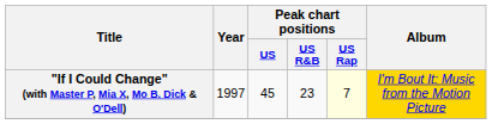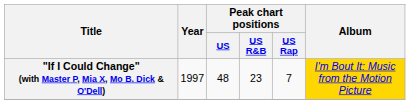 <table class="wikitable plainrowheaders" style="text-align:center;">
 <tr>
 <th scope="col" rowspan="2" style="width:16em;">Title</th>
 <th scope="col" rowspan="2">Year</th>
 <th scope="col" colspan="3">Peak chart positions</th>
 <th scope="col" rowspan="2">Album</th>
 </tr>
 <tr>
 <th style="width:3em; font-size:90%"><a href='#'>US</a></th>
 <th style="width:3em; font-size:90%"><a href='#'>US<br>R&B</a></th>
 <th style="width:3em; font-size:90%"><a href='#'>US<br>Rap</a></th>
 </tr>
 <tr>
 <th scope="row">"If I Could Change"<br><small>(with <a href='#'>Master P</a>, <a href='#'>Mia X</a>, <a href='#'>Mo B. Dick</a> & <a href='#'>O'Dell</a>)</small></th>
 <td>1997</td>
-<td>45</td>
+<td>48</td>
 <td>23</td>
-<td style="background: lightyellow;">7</td>
+<td>7</td>
 <td style="background: gold;"><em><a href='#'>I'm Bout It: Music from the Motion Picture</a></em></td>
 </tr>
 <tr>
 </tr>
 </table>
